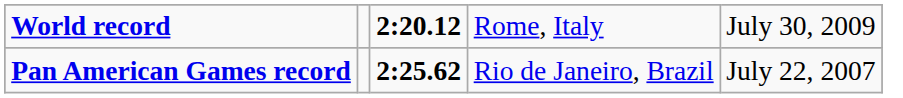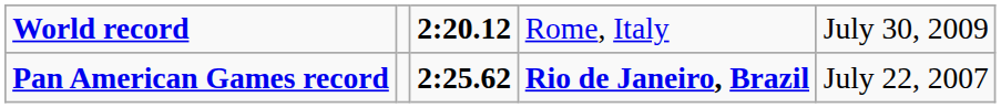 <table class="wikitable">
 <tr>
 <td><strong><a href='#'>World record</a></strong></td>
 <td></td>
 <td><strong>2:20.12</strong></td>
 <td><a href='#'>Rome</a>, <a href='#'>Italy</a></td>
 <td>July 30, 2009</td>
 </tr>
 <tr>
 <td><strong><a href='#'>Pan American Games record</a></strong></td>
 <td></td>
 <td><strong>2:25.62</strong></td>
-<td><a href='#'>Rio de Janeiro</a>, <a href='#'>Brazil</a></td>
+<td><strong><a href='#'>Rio de Janeiro</a>, <a href='#'>Brazil</a></strong></td>
 <td>July 22, 2007</td>
 </tr>
 </table>
